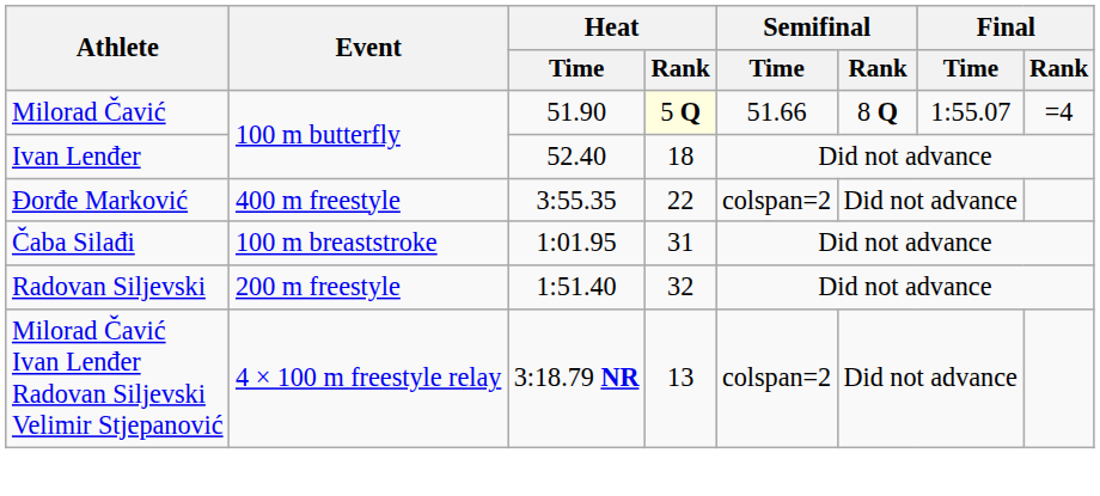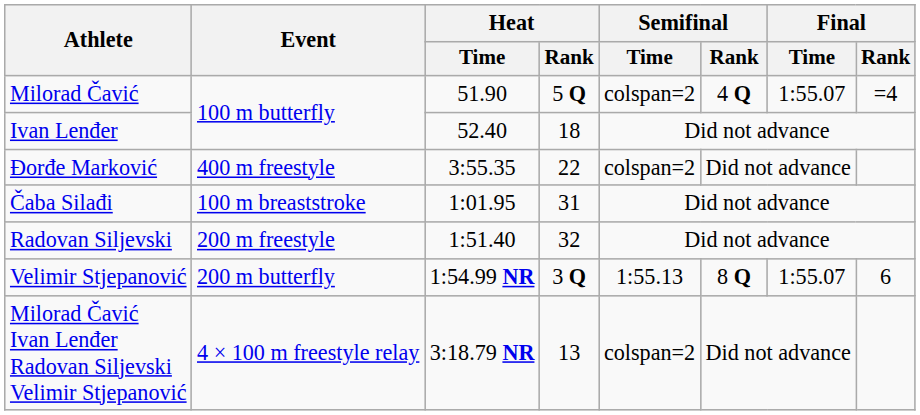 <table class=wikitable style="font-size:90%">
 <tr>
 <th rowspan="2">Athlete</th>
 <th rowspan="2">Event</th>
 <th colspan="2">Heat</th>
 <th colspan="2">Semifinal</th>
 <th colspan="2">Final</th>
 </tr>
 <tr style="font-size:95%">
 <th>Time</th>
 <th>Rank</th>
 <th>Time</th>
 <th>Rank</th>
 <th>Time</th>
 <th>Rank</th>
 </tr>
 <tr align=center>
 <td align=left><a href='#'>Milorad Čavić</a></td>
 <td align=left rowspan=2><a href='#'>100 m butterfly</a></td>
 <td>51.90</td>
-<td style="background: lightyellow;">5 <strong>Q</strong></td>
-<td>51.66</td>
-<td>8 <strong>Q</strong></td>
+<td>5 <strong>Q</strong></td>
+<td>colspan=2 </td>
+<td>4 <strong>Q</strong></td>
 <td>1:55.07</td>
 <td>=4</td>
 </tr>
 <tr align=center>
 <td align=left><a href='#'>Ivan Lenđer</a></td>
 <td>52.40</td>
 <td>18</td>
 <td colspan=4>Did not advance</td>
 </tr>
 <tr align=center>
 <td align=left><a href='#'>Đorđe Marković</a></td>
 <td align=left><a href='#'>400 m freestyle</a></td>
 <td>3:55.35</td>
 <td>22</td>
 <td>colspan=2 </td>
 <td colspan=2>Did not advance</td>
 </tr>
 <tr align=center>
 <td align=left><a href='#'>Čaba Silađi</a></td>
 <td align=left><a href='#'>100 m breaststroke</a></td>
 <td>1:01.95</td>
 <td>31</td>
 <td colspan=4>Did not advance</td>
 </tr>
 <tr align=center>
 <td align=left><a href='#'>Radovan Siljevski</a></td>
 <td align=left><a href='#'>200 m freestyle</a></td>
 <td>1:51.40</td>
 <td>32</td>
 <td colspan=4>Did not advance</td>
 </tr>
 <tr align=center>
+<td align=left><a href='#'>Velimir Stjepanović</a></td>
+<td align=left><a href='#'>200 m butterfly</a></td>
+<td>1:54.99 <strong><a href='#'>NR</a></strong></td>
+<td>3 <strong>Q</strong></td>
+<td>1:55.13</td>
+<td>8 <strong>Q</strong></td>
+<td>1:55.07</td>
+<td>6</td>
+</tr>
+<tr align=center>
 <td align=left><a href='#'>Milorad Čavić</a><br><a href='#'>Ivan Lenđer</a><br><a href='#'>Radovan Siljevski</a><br><a href='#'>Velimir Stjepanović</a></td>
 <td align=left><a href='#'>4 × 100 m freestyle relay</a></td>
 <td>3:18.79 <strong><a href='#'>NR</a></strong></td>
 <td>13</td>
 <td>colspan=2 </td>
 <td colspan=2>Did not advance</td>
 </tr>
 </table>
